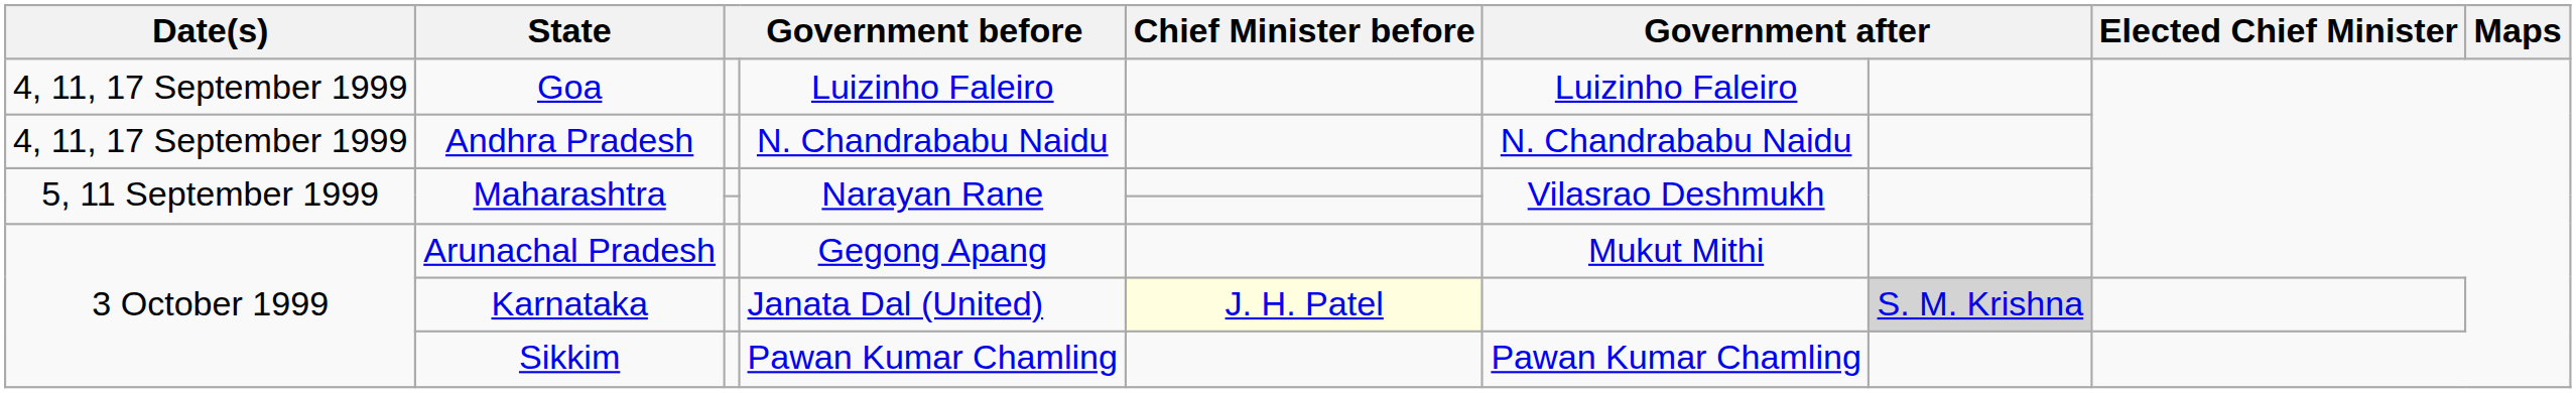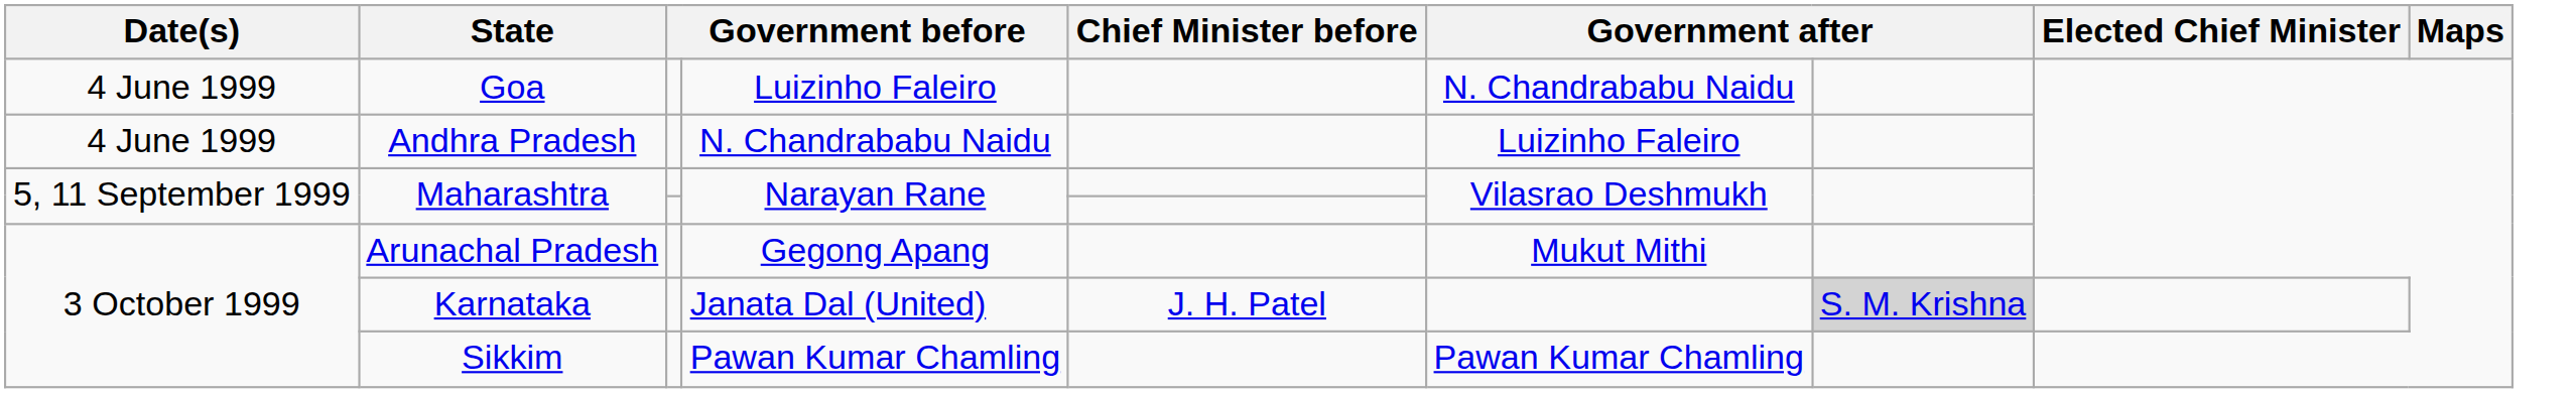 <table class="wikitable" style="text-align:center;">
 <tr>
 <th>Date(s)</th>
 <th>State</th>
 <th colspan="2">Government before</th>
 <th>Chief Minister before</th>
 <th colspan="2">Government after</th>
 <th>Elected Chief Minister</th>
 <th>Maps</th>
 </tr>
 <tr>
-<td>4, 11, 17 September 1999</td>
+<td>4 June 1999</td>
 <td><a href='#'>Goa</a></td>
 <td></td>
 <td><a href='#'>Luizinho Faleiro</a></td>
 <td></td>
-<td><a href='#'>Luizinho Faleiro</a></td>
+<td><a href='#'>N. Chandrababu Naidu</a></td>
 <td></td>
 </tr>
 <tr>
-<td>4, 11, 17 September 1999</td>
+<td>4 June 1999</td>
 <td><a href='#'>Andhra Pradesh</a></td>
 <td></td>
 <td><a href='#'>N. Chandrababu Naidu</a></td>
 <td></td>
-<td><a href='#'>N. Chandrababu Naidu</a></td>
+<td><a href='#'>Luizinho Faleiro</a></td>
 <td></td>
 </tr>
 <tr>
 <td rowspan="2">5, 11 September 1999</td>
 <td rowspan="2"><a href='#'>Maharashtra</a></td>
 <td></td>
 <td rowspan="2"><a href='#'>Narayan Rane</a></td>
 <td></td>
 <td rowspan="2"><a href='#'>Vilasrao Deshmukh</a></td>
 <td rowspan="2"></td>
 </tr>
 <tr>
 <td></td>
 <td></td>
 </tr>
 <tr>
 <td rowspan="3">3 October 1999</td>
 <td><a href='#'>Arunachal Pradesh</a></td>
 <td></td>
 <td><a href='#'>Gegong Apang</a></td>
 <td></td>
 <td><a href='#'>Mukut Mithi</a></td>
 <td></td>
 </tr>
 <tr>
 <td><a href='#'>Karnataka</a></td>
 <td></td>
 <td align="left"><a href='#'>Janata Dal (United)</a></td>
-<td style="background: lightyellow;"><a href='#'>J. H. Patel</a></td>
+<td><a href='#'>J. H. Patel</a></td>
 <td></td>
 <td style="background: lightgrey;"><a href='#'>S. M. Krishna</a></td>
 <td></td>
 </tr>
 <tr>
 <td><a href='#'>Sikkim</a></td>
 <td></td>
 <td><a href='#'>Pawan Kumar Chamling</a></td>
 <td></td>
 <td><a href='#'>Pawan Kumar Chamling</a></td>
 <td></td>
 </tr>
 </table>
